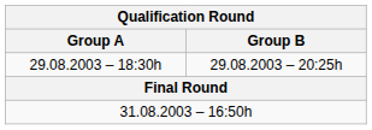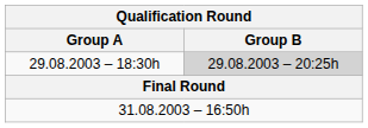 <table class="wikitable" style=" text-align:center; font-size:110%;" width="35%">
 <tr>
 <th colspan="2">Qualification Round</th>
 </tr>
 <tr>
 <th>Group A</th>
 <th>Group B</th>
 </tr>
 <tr>
 <td>29.08.2003 – 18:30h</td>
-<td>29.08.2003 – 20:25h</td>
+<td style="background: lightgrey;">29.08.2003 – 20:25h</td>
 </tr>
 <tr>
 <th colspan="2">Final Round</th>
 </tr>
 <tr>
 <td colspan="2">31.08.2003 – 16:50h</td>
 </tr>
 </table>
